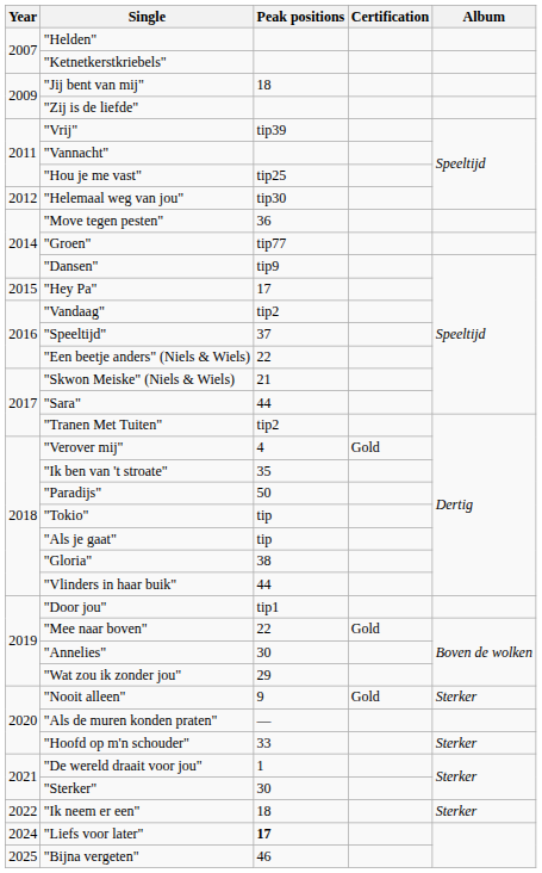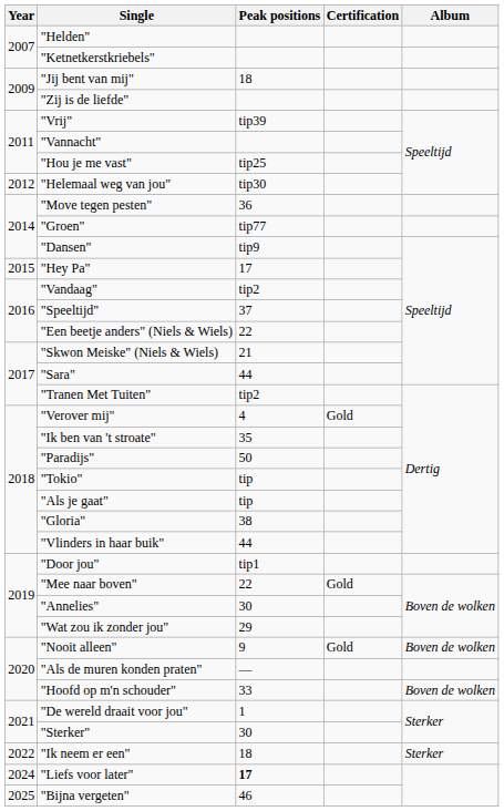 <table class="wikitable">
 <tr>
 <th>Year</th>
 <th>Single</th>
 <th>Peak positions</th>
 <th>Certification</th>
 <th>Album</th>
 </tr>
 <tr>
 <td rowspan="2">2007</td>
 <td>"Helden"</td>
 <td></td>
 <td></td>
 <td></td>
 </tr>
 <tr>
 <td>"Ketnetkerstkriebels"</td>
 <td></td>
 <td></td>
 <td></td>
 </tr>
 <tr>
 <td rowspan="2">2009</td>
 <td>"Jij bent van mij"</td>
 <td>18</td>
 <td></td>
 <td></td>
 </tr>
 <tr>
 <td>"Zij is de liefde"</td>
 <td></td>
 <td></td>
 <td></td>
 </tr>
 <tr>
 <td rowspan="3">2011</td>
 <td>"Vrij"</td>
 <td>tip39</td>
 <td></td>
 <td rowspan="4"><em>Speeltijd</em></td>
 </tr>
 <tr>
 <td>"Vannacht"</td>
 <td></td>
 <td></td>
 </tr>
 <tr>
 <td>"Hou je me vast"</td>
 <td>tip25</td>
 <td></td>
 </tr>
 <tr>
 <td>2012</td>
 <td>"Helemaal weg van jou"</td>
 <td>tip30</td>
 <td></td>
 </tr>
 <tr>
 <td rowspan="3">2014</td>
 <td>"Move tegen pesten"</td>
 <td>36</td>
 <td></td>
 <td></td>
 </tr>
 <tr>
 <td>"Groen"</td>
 <td>tip77</td>
 <td></td>
 <td></td>
 </tr>
 <tr>
 <td>"Dansen"</td>
 <td>tip9</td>
 <td></td>
 <td rowspan="7"><em>Speeltijd</em></td>
 </tr>
 <tr>
 <td>2015</td>
 <td>"Hey Pa"</td>
 <td>17</td>
 <td></td>
 </tr>
 <tr>
 <td rowspan="3">2016</td>
 <td>"Vandaag"</td>
 <td>tip2</td>
 <td></td>
 </tr>
 <tr>
 <td>"Speeltijd"</td>
 <td>37</td>
 <td></td>
 </tr>
 <tr>
 <td>"Een beetje anders" (Niels & Wiels)</td>
 <td>22</td>
 <td></td>
 </tr>
 <tr>
 <td rowspan="3">2017</td>
 <td>"Skwon Meiske" (Niels & Wiels)</td>
 <td>21</td>
 <td></td>
 </tr>
 <tr>
 <td>"Sara"</td>
 <td>44</td>
 <td></td>
 </tr>
 <tr>
 <td>"Tranen Met Tuiten"</td>
 <td>tip2</td>
 <td></td>
 <td rowspan="8"><em>Dertig</em></td>
 </tr>
 <tr>
 <td rowspan="7">2018</td>
 <td>"Verover mij"</td>
 <td>4</td>
 <td>Gold</td>
 </tr>
 <tr>
 <td>"Ik ben van 't stroate"</td>
 <td>35</td>
 <td></td>
 </tr>
 <tr>
 <td>"Paradijs"</td>
 <td>50</td>
 <td></td>
 </tr>
 <tr>
 <td>"Tokio"</td>
 <td>tip</td>
 <td></td>
 </tr>
 <tr>
 <td>"Als je gaat"</td>
 <td>tip</td>
 <td></td>
 </tr>
 <tr>
 <td>"Gloria"</td>
 <td>38</td>
 <td></td>
 </tr>
 <tr>
 <td>"Vlinders in haar buik"</td>
 <td>44</td>
 <td></td>
 </tr>
 <tr>
 <td rowspan="4">2019</td>
 <td>"Door jou"</td>
 <td>tip1</td>
 <td></td>
 <td></td>
 </tr>
 <tr>
 <td>"Mee naar boven"</td>
 <td>22</td>
 <td>Gold</td>
 <td rowspan="3"><em>Boven de wolken</em></td>
 </tr>
 <tr>
 <td>"Annelies"</td>
 <td>30</td>
 <td></td>
 </tr>
 <tr>
 <td>"Wat zou ik zonder jou"</td>
 <td>29</td>
 <td></td>
 </tr>
 <tr>
 <td rowspan="3">2020</td>
 <td>"Nooit alleen"</td>
 <td>9</td>
 <td>Gold</td>
-<td><em>Sterker</em></td>
+<td><em>Boven de wolken</em></td>
 </tr>
 <tr>
 <td>"Als de muren konden praten"</td>
 <td>—</td>
 <td></td>
 <td></td>
 </tr>
 <tr>
 <td>"Hoofd op m'n schouder"</td>
 <td>33</td>
 <td></td>
-<td><em>Sterker</em></td>
+<td><em>Boven de wolken</em></td>
 </tr>
 <tr>
 <td rowspan="2">2021</td>
 <td>"De wereld draait voor jou"</td>
 <td>1</td>
 <td></td>
 <td rowspan="2"><em>Sterker</em></td>
 </tr>
 <tr>
 <td>"Sterker"</td>
 <td>30</td>
 <td></td>
 </tr>
 <tr>
 <td>2022</td>
 <td>"Ik neem er een"</td>
 <td>18</td>
 <td></td>
 <td><em>Sterker</em></td>
 </tr>
 <tr>
 <td>2024</td>
 <td>"Liefs voor later"<br></td>
 <td><strong>17</strong></td>
 <td></td>
 </tr>
 <tr>
 <td>2025</td>
 <td>"Bijna vergeten"<br></td>
 <td>46</td>
 <td></td>
 </tr>
 </table>
